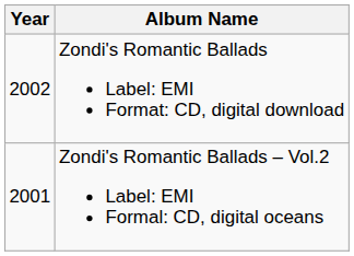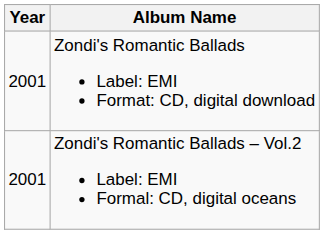 <table class="wikitable">
 <tr>
 <th>Year</th>
 <th>Album Name</th>
 </tr>
 <tr>
-<td>2002</td>
+<td>2001</td>
 <td>Zondi's Romantic Ballads<br><ul><li>Label: EMI</li><li>Format: CD, digital download</li></ul></td>
 </tr>
 <tr>
 <td>2001</td>
 <td>Zondi's Romantic Ballads – Vol.2<br><ul><li>Label: EMI</li><li>Formal: CD, digital oceans</li></ul></td>
 </tr>
 </table>
